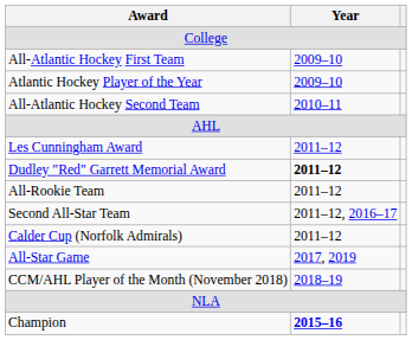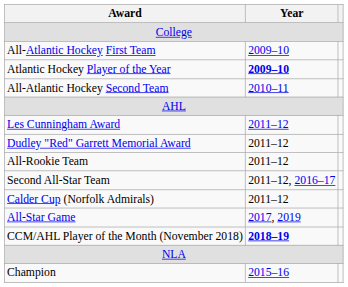 <table class="wikitable">
 <tr>
 <th>Award</th>
 <th>Year</th>
 <th></th>
 </tr>
 <tr ALIGN="center" bgcolor="#e0e0e0">
 <td colspan="3"><a href='#'>College</a></td>
 </tr>
 <tr>
 <td>All-<a href='#'>Atlantic Hockey</a> <a href='#'>First Team</a></td>
 <td><a href='#'>2009–10</a></td>
 <td></td>
 </tr>
 <tr>
 <td>Atlantic Hockey <a href='#'>Player of the Year</a></td>
-<td><a href='#'>2009–10</a></td>
+<td><strong><a href='#'>2009–10</a></strong></td>
 <td></td>
 </tr>
 <tr>
 <td>All-Atlantic Hockey <a href='#'>Second Team</a></td>
 <td><a href='#'>2010–11</a></td>
 <td></td>
 </tr>
 <tr ALIGN="center" bgcolor="#e0e0e0">
 <td colspan="3"><a href='#'>AHL</a></td>
 </tr>
 <tr>
 <td><a href='#'>Les Cunningham Award</a></td>
 <td><a href='#'>2011–12</a></td>
 <td></td>
 </tr>
 <tr>
 <td><a href='#'>Dudley "Red" Garrett Memorial Award</a></td>
-<td><strong>2011–12</strong></td>
+<td>2011–12</td>
 <td></td>
 </tr>
 <tr>
 <td>All-Rookie Team</td>
 <td>2011–12</td>
 <td></td>
 </tr>
 <tr>
 <td>Second All-Star Team</td>
 <td>2011–12, <a href='#'>2016–17</a></td>
 <td></td>
 </tr>
 <tr>
 <td><a href='#'>Calder Cup</a> (Norfolk Admirals)</td>
 <td>2011–12</td>
 <td></td>
 </tr>
 <tr>
 <td><a href='#'>All-Star Game</a></td>
 <td><a href='#'>2017</a>, <a href='#'>2019</a></td>
 <td></td>
 </tr>
 <tr>
 <td>CCM/AHL Player of the Month (November 2018)</td>
-<td><a href='#'>2018–19</a></td>
+<td><strong><a href='#'>2018–19</a></strong></td>
 <td></td>
 </tr>
 <tr ALIGN="center" bgcolor="#e0e0e0">
 <td colspan="3"><a href='#'>NLA</a></td>
 </tr>
 <tr>
 <td>Champion</td>
-<td><strong><a href='#'>2015–16</a></strong></td>
+<td><a href='#'>2015–16</a></td>
 <td></td>
 </tr>
 </table>
